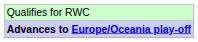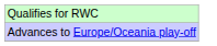 <table class="wikitable">
 <tr width=10px bgcolor="#ccffcc">
 <td>Qualifies for RWC</td>
 </tr>
 <tr width=10px bgcolor="#ccccff">
-<td><strong>Advances to <a href='#'>Europe/Oceania play-off</a></strong></td>
+<td>Advances to <a href='#'>Europe/Oceania play-off</a></td>
 </tr>
 <tr>
 </tr>
 </table>
